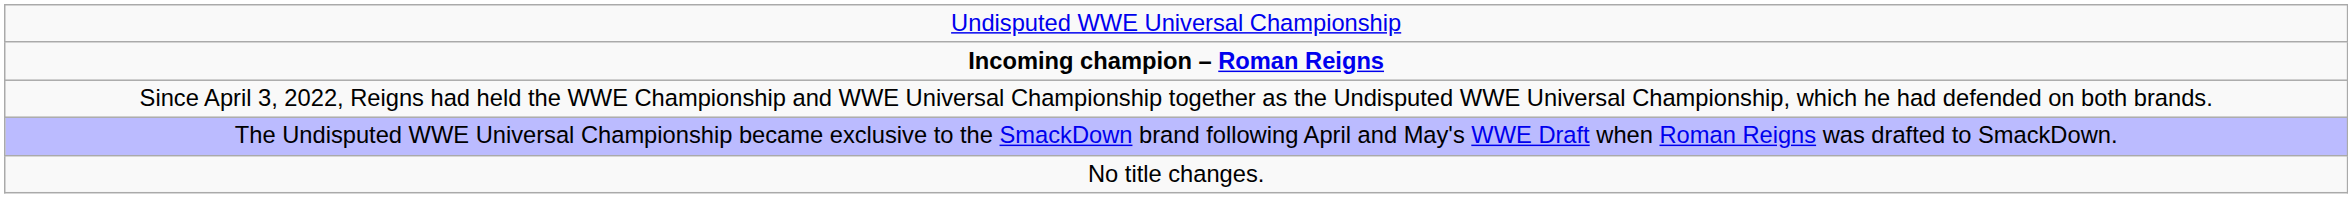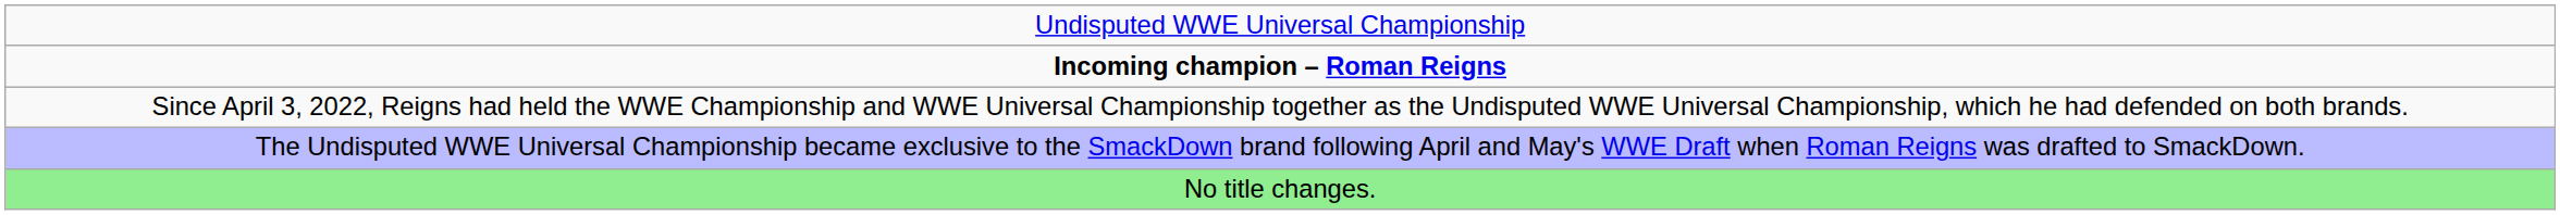 <table class="wikitable" style="text-align:center; width:100%;">
 <tr>
 <td style="text-align: center;"><a href='#'>Undisputed WWE Universal Championship</a><br></td>
 </tr>
 <tr>
 <td style="text-align: center;"><strong>Incoming champion – <a href='#'>Roman Reigns</a></strong></td>
 </tr>
 <tr>
 <td>Since April 3, 2022, Reigns had held the WWE Championship and WWE Universal Championship together as the Undisputed WWE Universal Championship, which he had defended on both brands.</td>
 </tr>
 <tr style="background:#BBF;">
 <td>The Undisputed WWE Universal Championship became exclusive to the <a href='#'>SmackDown</a> brand following April and May's <a href='#'>WWE Draft</a> when <a href='#'>Roman Reigns</a> was drafted to SmackDown.</td>
 </tr>
 <tr>
-<td>No title changes.</td>
+<td style="background: lightgreen;">No title changes.</td>
 </tr>
 </table>
